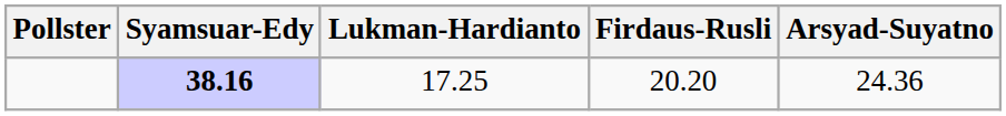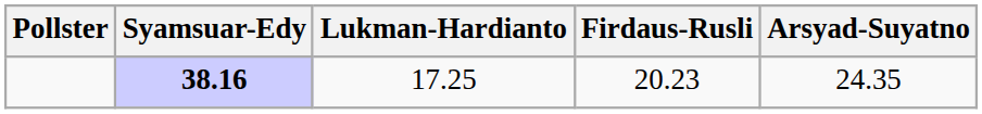 <table class="wikitable sortable" style="text-align: center; font-size: 75%;">
 <tr>
 <th>Pollster</th>
 <th>Syamsuar-Edy</th>
 <th>Lukman-Hardianto</th>
 <th>Firdaus-Rusli</th>
 <th>Arsyad-Suyatno</th>
 </tr>
 <tr>
 <td></td>
 <td bgcolor=#CCCCFF><strong>38.16</strong></td>
 <td>17.25</td>
-<td>20.20</td>
-<td>24.36</td>
+<td>20.23</td>
+<td>24.35</td>
 </tr>
 </table>
